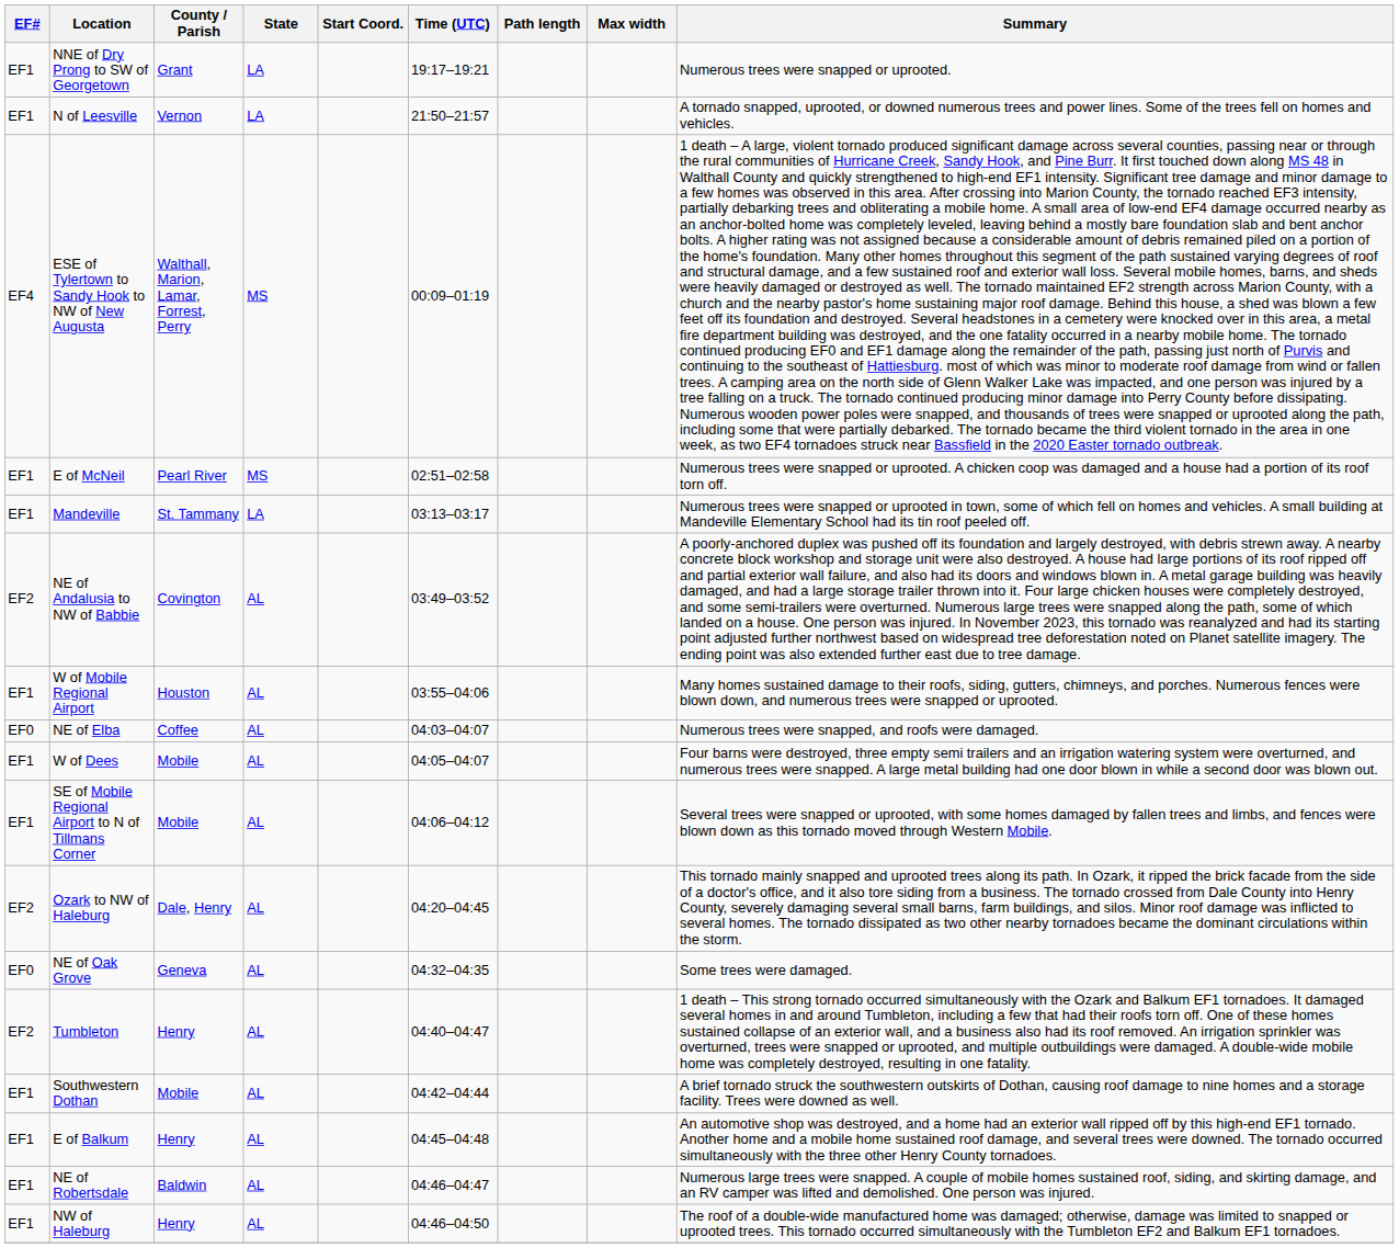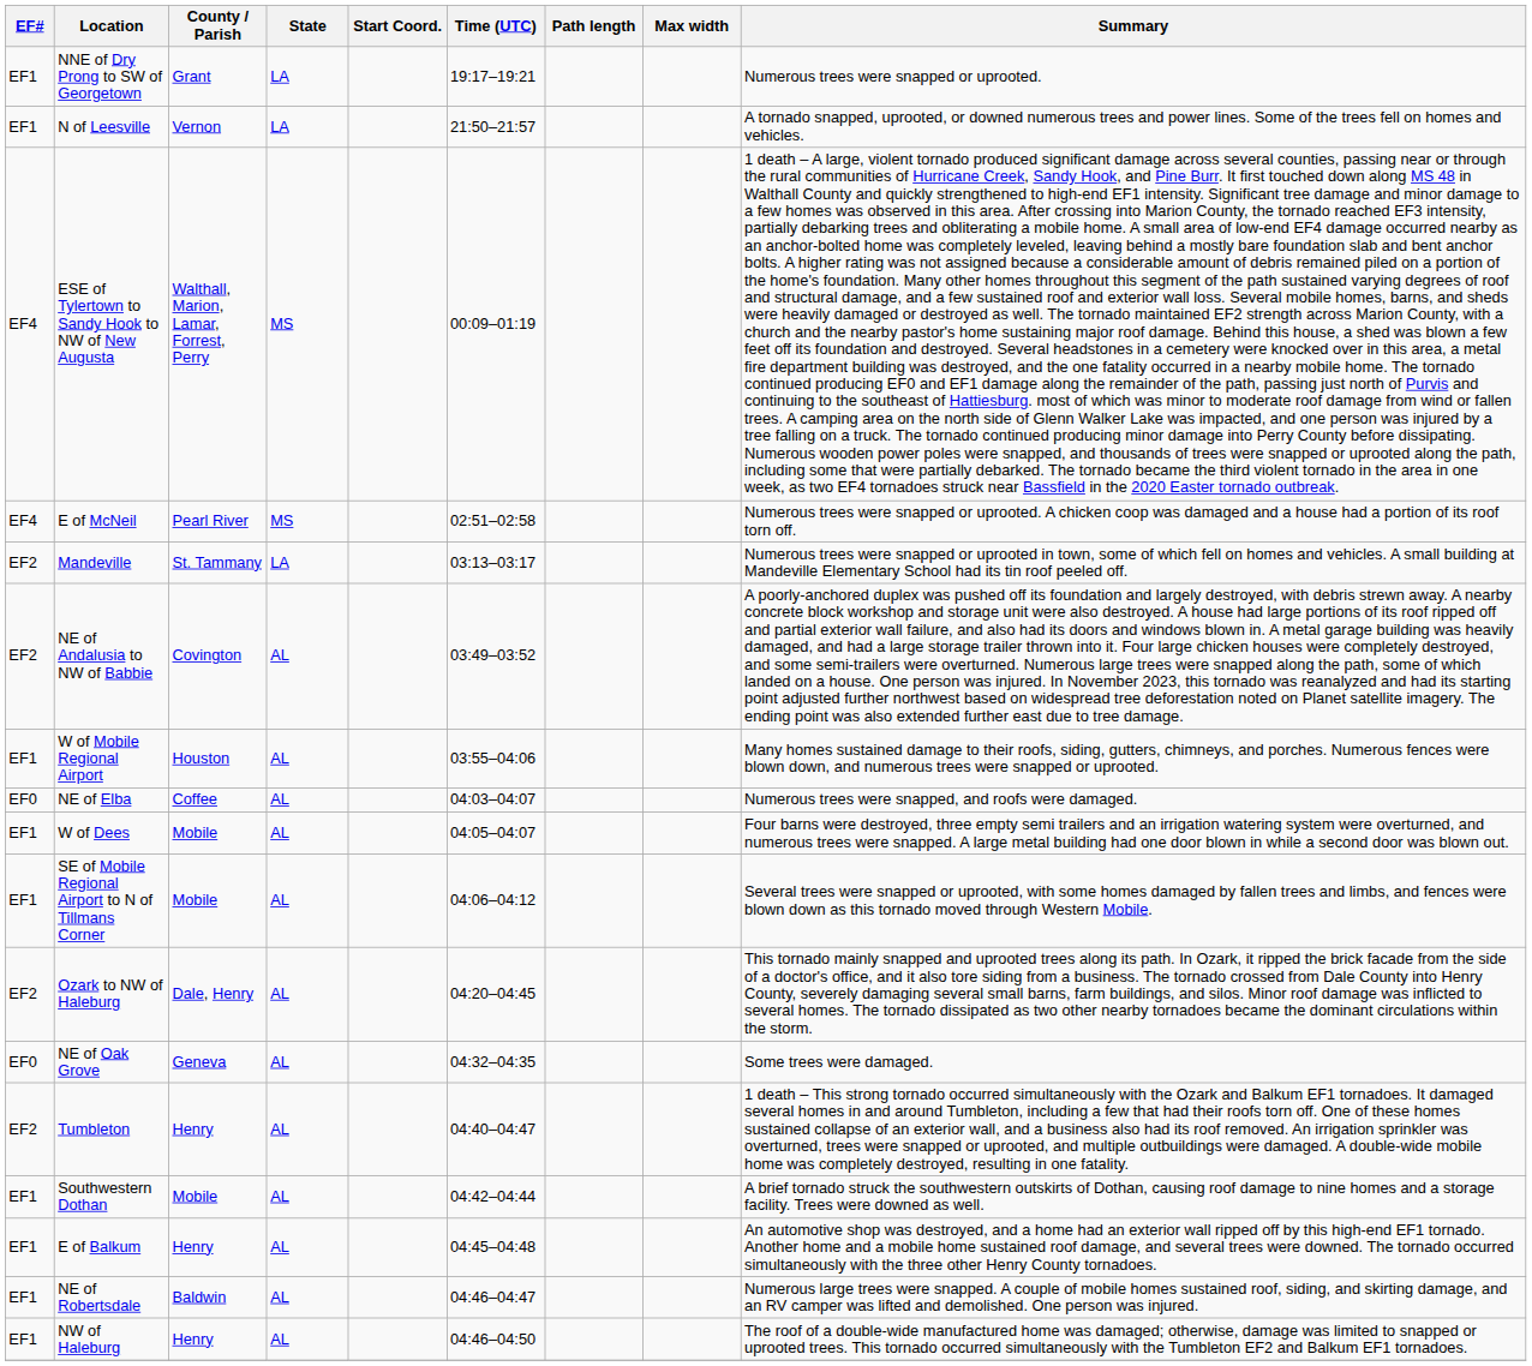 <table class="wikitable sortable" style="width:100%;">
 <tr>
 <th scope="col"  style="width:3%; text-align:center;"><a href='#'>EF#</a></th>
 <th scope="col"  style="width:7%; text-align:center;" class="unsortable">Location</th>
 <th scope="col"  style="width:6%; text-align:center;" class="unsortable">County / Parish</th>
 <th scope="col"  style="width:5%; text-align:center;">State</th>
 <th scope="col"  style="width:6%; text-align:center;">Start Coord.</th>
 <th scope="col"  style="width:6%; text-align:center;">Time (<a href='#'>UTC</a>)</th>
 <th scope="col"  style="width:6%; text-align:center;">Path length</th>
 <th scope="col"  style="width:6%; text-align:center;">Max width</th>
 <th scope="col" class="unsortable" style="width:48%; text-align:center;">Summary</th>
 </tr>
 <tr>
 <td>EF1</td>
 <td>NNE of <a href='#'>Dry Prong</a> to SW of <a href='#'>Georgetown</a></td>
 <td><a href='#'>Grant</a></td>
 <td><a href='#'>LA</a></td>
 <td></td>
 <td>19:17–19:21</td>
 <td></td>
 <td></td>
 <td>Numerous trees were snapped or uprooted.</td>
 </tr>
 <tr>
 <td>EF1</td>
 <td>N of <a href='#'>Leesville</a></td>
 <td><a href='#'>Vernon</a></td>
 <td><a href='#'>LA</a></td>
 <td></td>
 <td>21:50–21:57</td>
 <td></td>
 <td></td>
 <td>A tornado snapped, uprooted, or downed numerous trees and power lines. Some of the trees fell on homes and vehicles.</td>
 </tr>
 <tr>
 <td>EF4</td>
 <td>ESE of <a href='#'>Tylertown</a> to <a href='#'>Sandy Hook</a> to NW of <a href='#'>New Augusta</a></td>
 <td><a href='#'>Walthall</a>, <a href='#'>Marion</a>, <a href='#'>Lamar</a>, <a href='#'>Forrest</a>, <a href='#'>Perry</a></td>
 <td><a href='#'>MS</a></td>
 <td></td>
 <td>00:09–01:19</td>
 <td></td>
 <td></td>
 <td>1 death – A large, violent tornado produced significant damage across several counties, passing near or through the rural communities of <a href='#'>Hurricane Creek</a>, <a href='#'>Sandy Hook</a>, and <a href='#'>Pine Burr</a>. It first touched down along <a href='#'>MS 48</a> in Walthall County and quickly strengthened to high-end EF1 intensity. Significant tree damage and minor damage to a few homes was observed in this area. After crossing into Marion County, the tornado reached EF3 intensity, partially debarking trees and obliterating a mobile home. A small area of low-end EF4 damage occurred nearby as an anchor-bolted home was completely leveled, leaving behind a mostly bare foundation slab and bent anchor bolts. A higher rating was not assigned because a considerable amount of debris remained piled on a portion of the home's foundation. Many other homes throughout this segment of the path sustained varying degrees of roof and structural damage, and a few sustained roof and exterior wall loss. Several mobile homes, barns, and sheds were heavily damaged or destroyed as well. The tornado maintained EF2 strength across Marion County, with a church and the nearby pastor's home sustaining major roof damage. Behind this house, a  shed was blown a few feet off its foundation and destroyed. Several headstones in a cemetery were knocked over in this area, a metal fire department building was destroyed, and the one fatality occurred in a nearby mobile home. The tornado continued producing EF0 and EF1 damage along the remainder of the path, passing just north of <a href='#'>Purvis</a> and continuing to the southeast of <a href='#'>Hattiesburg</a>. most of which was minor to moderate roof damage from wind or fallen trees. A camping area on the north side of Glenn Walker Lake was impacted, and one person was injured by a tree falling on a truck. The tornado continued producing minor damage into Perry County before dissipating. Numerous wooden power poles were snapped, and thousands of trees were snapped or uprooted along the path, including some that were partially debarked. The tornado became the third violent tornado in the area in one week, as two EF4 tornadoes struck near <a href='#'>Bassfield</a> in the <a href='#'>2020 Easter tornado outbreak</a>.</td>
 </tr>
 <tr>
-<td>EF1</td>
+<td>EF4</td>
 <td>E of <a href='#'>McNeil</a></td>
 <td><a href='#'>Pearl River</a></td>
 <td><a href='#'>MS</a></td>
 <td></td>
 <td>02:51–02:58</td>
 <td></td>
 <td></td>
 <td>Numerous trees were snapped or uprooted. A chicken coop was damaged and a house had a portion of its roof torn off.</td>
 </tr>
 <tr>
-<td>EF1</td>
+<td>EF2</td>
 <td><a href='#'>Mandeville</a></td>
 <td><a href='#'>St. Tammany</a></td>
 <td><a href='#'>LA</a></td>
 <td></td>
 <td>03:13–03:17</td>
 <td></td>
 <td></td>
 <td>Numerous trees were snapped or uprooted in town, some of which fell on homes and vehicles. A small building at Mandeville Elementary School had its tin roof peeled off.</td>
 </tr>
 <tr>
 <td>EF2</td>
 <td>NE of <a href='#'>Andalusia</a> to NW of <a href='#'>Babbie</a></td>
 <td><a href='#'>Covington</a></td>
 <td><a href='#'>AL</a></td>
 <td></td>
 <td>03:49–03:52</td>
 <td></td>
 <td></td>
 <td>A poorly-anchored duplex was pushed off its foundation and largely destroyed, with debris strewn  away. A nearby concrete block workshop and storage unit were also destroyed. A house had large portions of its roof ripped off and partial exterior wall failure, and also had its doors and windows blown in. A metal garage building was heavily damaged, and had a large storage trailer thrown into it. Four large chicken houses were completely destroyed, and some semi-trailers were overturned. Numerous large trees were snapped along the path, some of which landed on a house. One person was injured. In November 2023, this tornado was reanalyzed and had its starting point adjusted further northwest based on widespread tree deforestation noted on Planet satellite imagery. The ending point was also extended further east due to tree damage.</td>
 </tr>
 <tr>
 <td>EF1</td>
 <td>W of <a href='#'>Mobile Regional Airport</a></td>
 <td><a href='#'>Houston</a></td>
 <td><a href='#'>AL</a></td>
 <td></td>
 <td>03:55–04:06</td>
 <td></td>
 <td></td>
 <td>Many homes sustained damage to their roofs, siding, gutters, chimneys, and porches. Numerous fences were blown down, and numerous trees were snapped or uprooted.</td>
 </tr>
 <tr>
 <td>EF0</td>
 <td>NE of <a href='#'>Elba</a></td>
 <td><a href='#'>Coffee</a></td>
 <td><a href='#'>AL</a></td>
 <td></td>
 <td>04:03–04:07</td>
 <td></td>
 <td></td>
 <td>Numerous trees were snapped, and roofs were damaged.</td>
 </tr>
 <tr>
 <td>EF1</td>
 <td>W of <a href='#'>Dees</a></td>
 <td><a href='#'>Mobile</a></td>
 <td><a href='#'>AL</a></td>
 <td></td>
 <td>04:05–04:07</td>
 <td></td>
 <td></td>
 <td>Four barns were destroyed, three empty semi trailers and an irrigation watering system were overturned, and numerous trees were snapped. A large metal building had one door blown in while a second door was blown out.</td>
 </tr>
 <tr>
 <td>EF1</td>
 <td>SE of <a href='#'>Mobile Regional Airport</a> to N of <a href='#'>Tillmans Corner</a></td>
 <td><a href='#'>Mobile</a></td>
 <td><a href='#'>AL</a></td>
 <td></td>
 <td>04:06–04:12</td>
 <td></td>
 <td></td>
 <td>Several trees were snapped or uprooted, with some homes damaged by fallen trees and limbs, and fences were blown down as this tornado moved through Western <a href='#'>Mobile</a>.</td>
 </tr>
 <tr>
 <td>EF2</td>
 <td><a href='#'>Ozark</a> to NW of <a href='#'>Haleburg</a></td>
 <td><a href='#'>Dale</a>, <a href='#'>Henry</a></td>
 <td><a href='#'>AL</a></td>
 <td></td>
 <td>04:20–04:45</td>
 <td></td>
 <td></td>
 <td>This tornado mainly snapped and uprooted trees along its path. In Ozark, it ripped the brick facade from the side of a doctor's office, and it also tore siding from a business. The tornado crossed from Dale County into Henry County, severely damaging several small barns, farm buildings, and silos. Minor roof damage was inflicted to several homes. The tornado dissipated as two other nearby tornadoes became the dominant circulations within the storm.</td>
 </tr>
 <tr>
 <td>EF0</td>
 <td>NE of <a href='#'>Oak Grove</a></td>
 <td><a href='#'>Geneva</a></td>
 <td><a href='#'>AL</a></td>
 <td></td>
 <td>04:32–04:35</td>
 <td></td>
 <td></td>
 <td>Some trees were damaged.</td>
 </tr>
 <tr>
 <td>EF2</td>
 <td><a href='#'>Tumbleton</a></td>
 <td><a href='#'>Henry</a></td>
 <td><a href='#'>AL</a></td>
 <td></td>
 <td>04:40–04:47</td>
 <td></td>
 <td></td>
 <td>1 death – This strong tornado occurred simultaneously with the Ozark and Balkum EF1 tornadoes. It damaged several homes in and around Tumbleton, including a few that had their roofs torn off. One of these homes sustained collapse of an exterior wall, and a business also had its roof removed. An irrigation sprinkler was overturned, trees were snapped or uprooted, and multiple outbuildings were damaged. A double-wide mobile home was completely destroyed, resulting in one fatality.</td>
 </tr>
 <tr>
 <td>EF1</td>
 <td>Southwestern <a href='#'>Dothan</a></td>
 <td><a href='#'>Mobile</a></td>
 <td><a href='#'>AL</a></td>
 <td></td>
 <td>04:42–04:44</td>
 <td></td>
 <td></td>
 <td>A brief tornado struck the southwestern outskirts of Dothan, causing roof damage to nine homes and a storage facility. Trees were downed as well.</td>
 </tr>
 <tr>
 <td>EF1</td>
 <td>E of <a href='#'>Balkum</a></td>
 <td><a href='#'>Henry</a></td>
 <td><a href='#'>AL</a></td>
 <td></td>
 <td>04:45–04:48</td>
 <td></td>
 <td></td>
 <td>An automotive shop was destroyed, and a home had an exterior wall ripped off by this high-end EF1 tornado. Another home and a mobile home sustained roof damage, and several trees were downed. The tornado occurred simultaneously with the three other Henry County tornadoes.</td>
 </tr>
 <tr>
 <td>EF1</td>
 <td>NE of <a href='#'>Robertsdale</a></td>
 <td><a href='#'>Baldwin</a></td>
 <td><a href='#'>AL</a></td>
 <td></td>
 <td>04:46–04:47</td>
 <td></td>
 <td></td>
 <td>Numerous large trees were snapped. A couple of mobile homes sustained roof, siding, and skirting damage, and an RV camper was lifted and demolished. One person was injured.</td>
 </tr>
 <tr>
 <td>EF1</td>
 <td>NW of <a href='#'>Haleburg</a></td>
 <td><a href='#'>Henry</a></td>
 <td><a href='#'>AL</a></td>
 <td></td>
 <td>04:46–04:50</td>
 <td></td>
 <td></td>
 <td>The roof of a double-wide manufactured home was damaged; otherwise, damage was limited to snapped or uprooted trees. This tornado occurred simultaneously with the Tumbleton EF2 and Balkum EF1 tornadoes.</td>
 </tr>
 <tr>
 </tr>
 </table>
